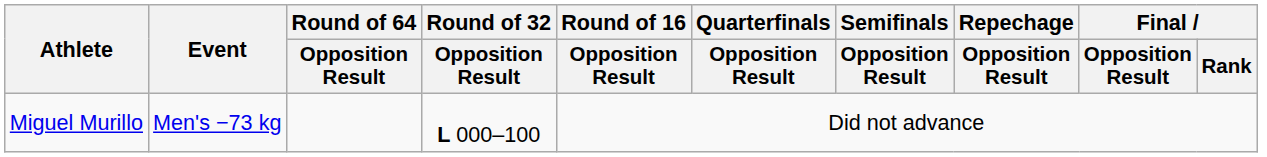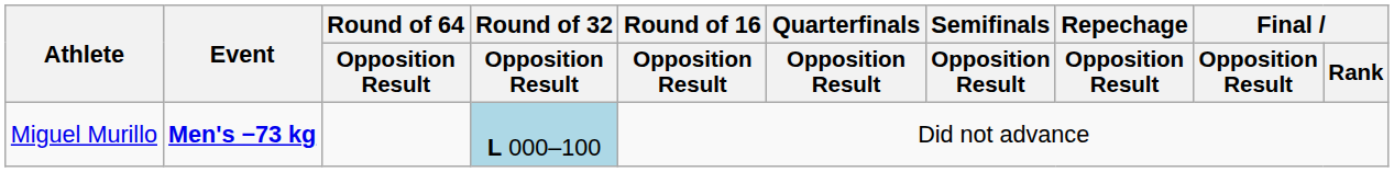 <table class="wikitable" style="font-size:90%">
 <tr>
 <th rowspan="2">Athlete</th>
 <th rowspan="2">Event</th>
 <th>Round of 64</th>
 <th>Round of 32</th>
 <th>Round of 16</th>
 <th>Quarterfinals</th>
 <th>Semifinals</th>
 <th>Repechage</th>
 <th colspan=2>Final / </th>
 </tr>
 <tr style="font-size:95%">
 <th>Opposition<br>Result</th>
 <th>Opposition<br>Result</th>
 <th>Opposition<br>Result</th>
 <th>Opposition<br>Result</th>
 <th>Opposition<br>Result</th>
 <th>Opposition<br>Result</th>
 <th>Opposition<br>Result</th>
 <th>Rank</th>
 </tr>
 <tr align=center>
 <td align=left><a href='#'>Miguel Murillo</a></td>
-<td align=left><a href='#'>Men's −73 kg</a></td>
+<td align=left><strong><a href='#'>Men's −73 kg</a></strong></td>
 <td></td>
-<td><br><strong>L</strong> 000–100</td>
+<td style="background: lightblue;"><br><strong>L</strong> 000–100</td>
 <td colspan=6>Did not advance</td>
 </tr>
 </table>
